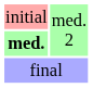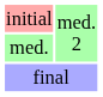 <table>
 <tr align=center>
 <td style="width:30px; background:#faa; height:20px;">initial</td>
 <td style="background:#afa; width:30px;" rowspan="2">med.<br>2</td>
 </tr>
 <tr align=center>
-<td style="background:#afa; height:20px;"><strong>med.</strong></td>
+<td style="background:#afa; height:20px;">med.</td>
 </tr>
 <tr align=center>
 <td style="background:#aaf; height:20px;" colspan="2">final</td>
 </tr>
 </table>
